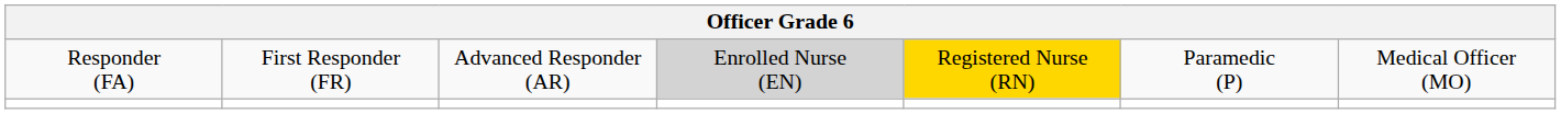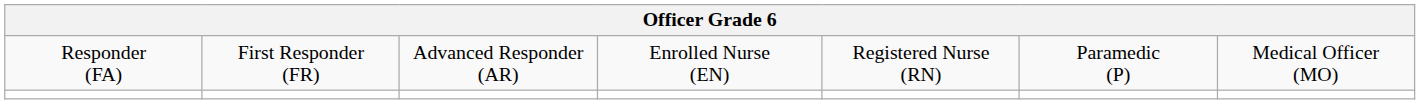 <table class="wikitable"  style="margin:0.5em auto; width:90%;">
 <tr>
 <th colspan=7>Officer Grade 6</th>
 </tr>
 <tr align=center>
 <td width="14%">Responder<br>(FA)</td>
 <td width="14%">First Responder<br>(FR)</td>
 <td width="14%">Advanced Responder<br>(AR)</td>
-<td width="16%" style="background: lightgrey;">Enrolled Nurse<br>(EN)</td>
-<td width="14%" style="background: gold;">Registered Nurse<br>(RN)</td>
+<td width="16%">Enrolled Nurse<br>(EN)</td>
+<td width="14%">Registered Nurse<br>(RN)</td>
 <td width="14%">Paramedic<br>(P)</td>
 <td width="14%">Medical Officer<br>(MO)</td>
 </tr>
 <tr style="text-align:center; background: white;">
 <td></td>
 <td></td>
 <td></td>
 <td></td>
 <td></td>
 <td></td>
 <td></td>
 </tr>
 </table>
